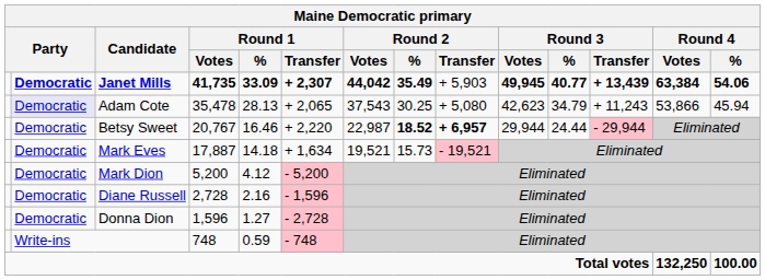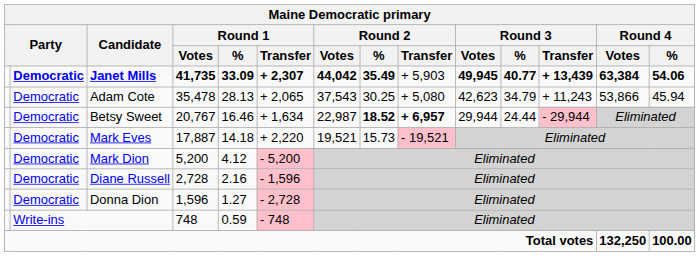 <table class="wikitable">
 <tr>
 <th colspan="16">Maine Democratic primary</th>
 </tr>
 <tr>
 <th colspan="2" rowspan="2">Party</th>
 <th rowspan="2">Candidate</th>
 <th colspan="3">Round 1</th>
 <th colspan="3">Round 2</th>
 <th colspan="3">Round 3</th>
 <th colspan="2">Round 4</th>
 </tr>
 <tr>
 <th>Votes</th>
 <th>%</th>
 <th>Transfer</th>
 <th>Votes</th>
 <th>%</th>
 <th>Transfer</th>
 <th>Votes</th>
 <th>%</th>
 <th>Transfer</th>
 <th>Votes</th>
 <th>%</th>
 </tr>
 <tr>
 <td style="background-color:"></td>
 <td><strong><a href='#'>Democratic</a></strong></td>
 <td><strong><a href='#'>Janet Mills</a></strong></td>
 <td><strong>41,735</strong></td>
 <td><strong>33.09</strong></td>
 <td><strong>+ 2,307</strong></td>
 <td><strong>44,042</strong></td>
 <td><strong>35.49</strong></td>
 <td>+ 5,903</td>
 <td><strong>49,945</strong></td>
 <td><strong>40.77</strong></td>
 <td><strong>+ 13,439</strong></td>
 <td style="color:black;background-color:"><strong>63,384</strong></td>
 <td style="color:black;background-color:"><strong>54.06</strong></td>
 </tr>
 <tr>
 <td style="background-color:"></td>
-<td style="background: lavender;"><a href='#'>Democratic</a></td>
+<td><a href='#'>Democratic</a></td>
 <td>Adam Cote</td>
 <td>35,478</td>
 <td>28.13</td>
 <td>+ 2,065</td>
 <td>37,543</td>
 <td>30.25</td>
 <td>+ 5,080</td>
 <td>42,623</td>
 <td>34.79</td>
 <td>+ 11,243</td>
 <td>53,866</td>
 <td>45.94</td>
 </tr>
 <tr>
 <td style="background-color:"></td>
 <td><a href='#'>Democratic</a></td>
 <td>Betsy Sweet</td>
 <td>20,767</td>
 <td>16.46</td>
-<td>+ 2,220</td>
+<td>+ 1,634</td>
 <td>22,987</td>
 <td><strong>18.52</strong></td>
 <td><strong>+ 6,957</strong></td>
 <td>29,944</td>
 <td>24.44</td>
 <td BGCOLOR=pink>- 29,944</td>
 <td colspan=2 bgcolor=lightgray align=center><em>Eliminated</em></td>
 </tr>
 <tr>
 <td style="background-color:"></td>
 <td><a href='#'>Democratic</a></td>
 <td><a href='#'>Mark Eves</a></td>
 <td>17,887</td>
 <td>14.18</td>
-<td>+ 1,634</td>
+<td>+ 2,220</td>
 <td>19,521</td>
 <td>15.73</td>
 <td BGCOLOR=pink>- 19,521</td>
 <td colspan="5" bgcolor="lightgray" align="center"><em>Eliminated</em></td>
 </tr>
 <tr>
 <td style="background-color:"></td>
 <td><a href='#'>Democratic</a></td>
 <td><a href='#'>Mark Dion</a></td>
 <td>5,200</td>
 <td>4.12</td>
 <td BGCOLOR=pink>- 5,200</td>
 <td colspan="8" bgcolor="lightgray" align="center"><em>Eliminated</em></td>
 </tr>
 <tr>
 <td style="background-color:"></td>
 <td><a href='#'>Democratic</a></td>
 <td><a href='#'>Diane Russell</a></td>
 <td>2,728</td>
 <td>2.16</td>
 <td BGCOLOR=pink>- 1,596</td>
 <td colspan="8" bgcolor="lightgray" align="center"><em>Eliminated</em></td>
 </tr>
 <tr>
 <td style="background-color:"></td>
 <td><a href='#'>Democratic</a></td>
 <td>Donna Dion</td>
 <td>1,596</td>
 <td>1.27</td>
 <td BGCOLOR=pink>- 2,728</td>
 <td colspan="8" bgcolor="lightgray" align="center"><em>Eliminated</em></td>
 </tr>
 <tr>
 <td style="background-color:"></td>
 <td colspan=2><a href='#'>Write-ins</a></td>
 <td>748</td>
 <td>0.59</td>
 <td BGCOLOR=pink>- 748</td>
 <td colspan="8" bgcolor="lightgray" align="center"><em>Eliminated</em></td>
 </tr>
 <tr>
 <td colspan="12" align="right"><strong>Total votes</strong></td>
 <td><strong>132,250</strong></td>
 <td><strong>100.00</strong></td>
 </tr>
 </table>
